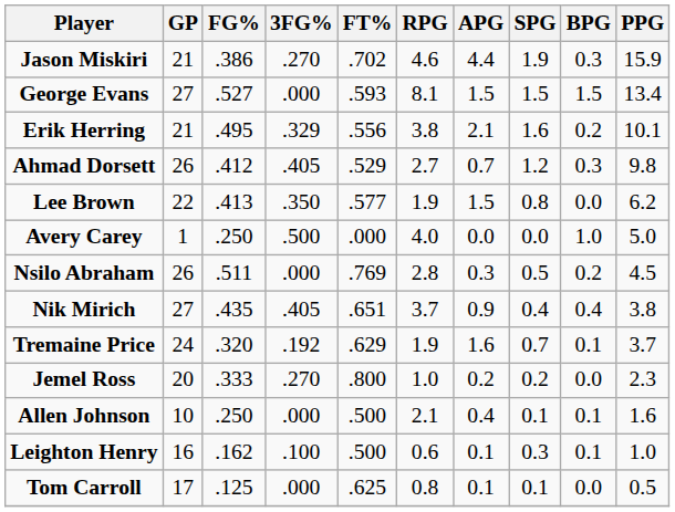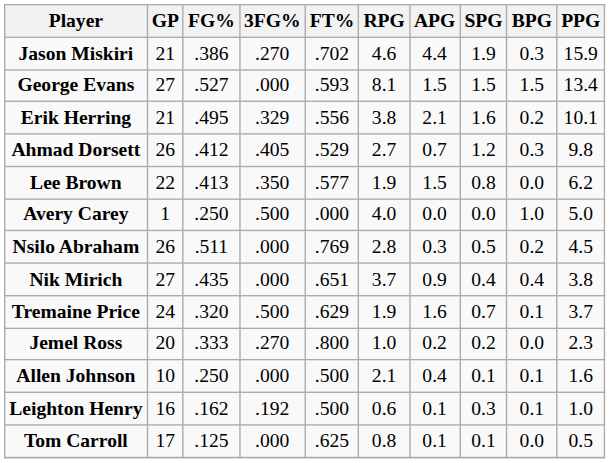 <table class="wikitable sortable" style="font-size: 90%">
 <tr>
 <th>Player</th>
 <th>GP</th>
 <th>FG%</th>
 <th>3FG%</th>
 <th>FT%</th>
 <th>RPG</th>
 <th>APG</th>
 <th>SPG</th>
 <th>BPG</th>
 <th>PPG</th>
 </tr>
 <tr align="center" bgcolor="">
 <td><strong>Jason Miskiri</strong></td>
 <td>21</td>
 <td>.386</td>
 <td>.270</td>
 <td>.702</td>
 <td>4.6</td>
 <td>4.4</td>
 <td>1.9</td>
 <td>0.3</td>
 <td>15.9</td>
 </tr>
 <tr align="center" bgcolor="">
 <td><strong>George Evans</strong></td>
 <td>27</td>
 <td>.527</td>
 <td>.000</td>
 <td>.593</td>
 <td>8.1</td>
 <td>1.5</td>
 <td>1.5</td>
 <td>1.5</td>
 <td>13.4</td>
 </tr>
 <tr align="center" bgcolor="">
 <td><strong>Erik Herring</strong></td>
 <td>21</td>
 <td>.495</td>
 <td>.329</td>
 <td>.556</td>
 <td>3.8</td>
 <td>2.1</td>
 <td>1.6</td>
 <td>0.2</td>
 <td>10.1</td>
 </tr>
 <tr align="center" bgcolor="">
 <td><strong>Ahmad Dorsett</strong></td>
 <td>26</td>
 <td>.412</td>
 <td>.405</td>
 <td>.529</td>
 <td>2.7</td>
 <td>0.7</td>
 <td>1.2</td>
 <td>0.3</td>
 <td>9.8</td>
 </tr>
 <tr align="center" bgcolor="">
 <td><strong>Lee Brown</strong></td>
 <td>22</td>
 <td>.413</td>
 <td>.350</td>
 <td>.577</td>
 <td>1.9</td>
 <td>1.5</td>
 <td>0.8</td>
 <td>0.0</td>
 <td>6.2</td>
 </tr>
 <tr align="center" bgcolor="">
 <td><strong>Avery Carey</strong></td>
 <td>1</td>
 <td>.250</td>
 <td>.500</td>
 <td>.000</td>
 <td>4.0</td>
 <td>0.0</td>
 <td>0.0</td>
 <td>1.0</td>
 <td>5.0</td>
 </tr>
 <tr align="center" bgcolor="">
 <td><strong>Nsilo Abraham</strong></td>
 <td>26</td>
 <td>.511</td>
 <td>.000</td>
 <td>.769</td>
 <td>2.8</td>
 <td>0.3</td>
 <td>0.5</td>
 <td>0.2</td>
 <td>4.5</td>
 </tr>
 <tr align="center" bgcolor="">
 <td><strong>Nik Mirich</strong></td>
 <td>27</td>
 <td>.435</td>
-<td>.405</td>
+<td>.000</td>
 <td>.651</td>
 <td>3.7</td>
 <td>0.9</td>
 <td>0.4</td>
 <td>0.4</td>
 <td>3.8</td>
 </tr>
 <tr align="center" bgcolor="">
 <td><strong>Tremaine Price</strong></td>
 <td>24</td>
 <td>.320</td>
-<td>.192</td>
+<td>.500</td>
 <td>.629</td>
 <td>1.9</td>
 <td>1.6</td>
 <td>0.7</td>
 <td>0.1</td>
 <td>3.7</td>
 </tr>
 <tr align="center" bgcolor="">
 <td><strong>Jemel Ross</strong></td>
 <td>20</td>
 <td>.333</td>
 <td>.270</td>
 <td>.800</td>
 <td>1.0</td>
 <td>0.2</td>
 <td>0.2</td>
 <td>0.0</td>
 <td>2.3</td>
 </tr>
 <tr align="center" bgcolor="">
 <td><strong>Allen Johnson</strong></td>
 <td>10</td>
 <td>.250</td>
 <td>.000</td>
 <td>.500</td>
 <td>2.1</td>
 <td>0.4</td>
 <td>0.1</td>
 <td>0.1</td>
 <td>1.6</td>
 </tr>
 <tr align="center" bgcolor="">
 <td><strong>Leighton Henry</strong></td>
 <td>16</td>
 <td>.162</td>
-<td>.100</td>
+<td>.192</td>
 <td>.500</td>
 <td>0.6</td>
 <td>0.1</td>
 <td>0.3</td>
 <td>0.1</td>
 <td>1.0</td>
 </tr>
 <tr align="center" bgcolor="">
 <td><strong>Tom Carroll</strong></td>
 <td>17</td>
 <td>.125</td>
 <td>.000</td>
 <td>.625</td>
 <td>0.8</td>
 <td>0.1</td>
 <td>0.1</td>
 <td>0.0</td>
 <td>0.5</td>
 </tr>
 <tr align="center" bgcolor="">
 </tr>
 </table>
